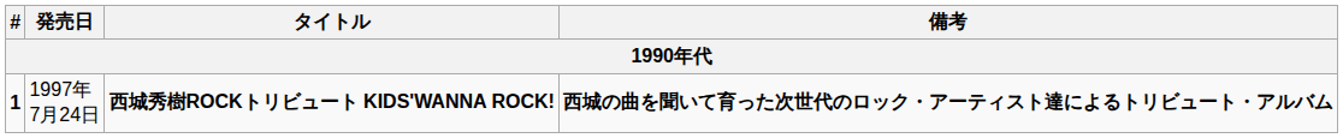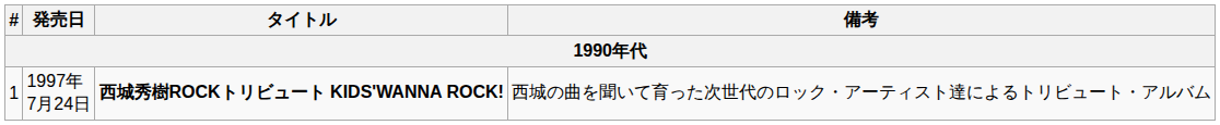 <table class="wikitable">
 <tr>
 <th>#</th>
 <th>発売日</th>
 <th>タイトル</th>
 <th>備考</th>
 </tr>
 <tr>
 <th colspan="7">1990年代</th>
 </tr>
 <tr>
-<td><strong>1</strong></td>
+<td>1</td>
 <td>1997年<br>7月24日</td>
 <td><strong>西城秀樹ROCKトリビュート KIDS'WANNA ROCK!</strong></td>
-<td><strong>西城の曲を聞いて育った次世代のロック・アーティスト達によるトリビュート・アルバム</strong></td>
+<td>西城の曲を聞いて育った次世代のロック・アーティスト達によるトリビュート・アルバム</td>
 </tr>
 </table>
